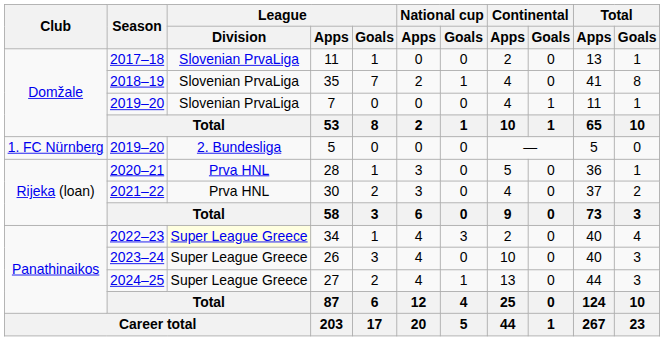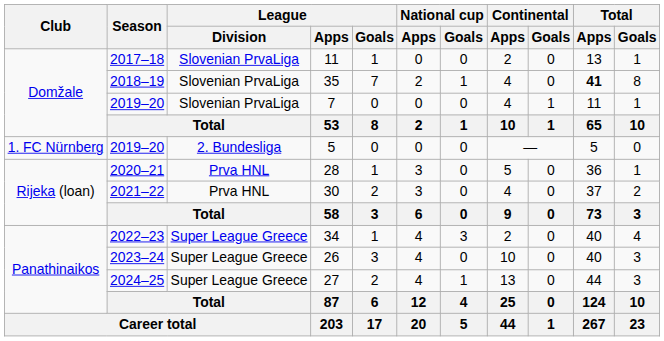 <table class="wikitable" style="text-align:center">
 <tr>
 <th rowspan="2">Club</th>
 <th rowspan="2">Season</th>
 <th colspan="3">League</th>
 <th colspan="2">National cup</th>
 <th colspan="2">Continental</th>
 <th colspan="2">Total</th>
 </tr>
 <tr>
 <th>Division</th>
 <th>Apps</th>
 <th>Goals</th>
 <th>Apps</th>
 <th>Goals</th>
 <th>Apps</th>
 <th>Goals</th>
 <th>Apps</th>
 <th>Goals</th>
 </tr>
 <tr>
 <td rowspan="4"><a href='#'>Domžale</a></td>
 <td><a href='#'>2017–18</a></td>
 <td><a href='#'>Slovenian PrvaLiga</a></td>
 <td>11</td>
 <td>1</td>
 <td>0</td>
 <td>0</td>
 <td>2</td>
 <td>0</td>
 <td>13</td>
 <td>1</td>
 </tr>
 <tr>
 <td><a href='#'>2018–19</a></td>
 <td>Slovenian PrvaLiga</td>
 <td>35</td>
 <td>7</td>
 <td>2</td>
 <td>1</td>
 <td>4</td>
 <td>0</td>
-<td>41</td>
+<td><strong>41</strong></td>
 <td>8</td>
 </tr>
 <tr>
 <td><a href='#'>2019–20</a></td>
 <td>Slovenian PrvaLiga</td>
 <td>7</td>
 <td>0</td>
 <td>0</td>
 <td>0</td>
 <td>4</td>
 <td>1</td>
 <td>11</td>
 <td>1</td>
 </tr>
 <tr>
 <th colspan="2">Total</th>
 <th>53</th>
 <th>8</th>
 <th>2</th>
 <th>1</th>
 <th>10</th>
 <th>1</th>
 <th>65</th>
 <th>10</th>
 </tr>
 <tr>
 <td><a href='#'>1. FC Nürnberg</a></td>
 <td><a href='#'>2019–20</a></td>
 <td><a href='#'>2. Bundesliga</a></td>
 <td>5</td>
 <td>0</td>
 <td>0</td>
 <td>0</td>
 <td colspan="2">—</td>
 <td>5</td>
 <td>0</td>
 </tr>
 <tr>
 <td rowspan="3"><a href='#'>Rijeka</a> (loan)</td>
 <td><a href='#'>2020–21</a></td>
 <td><a href='#'>Prva HNL</a></td>
 <td>28</td>
 <td>1</td>
 <td>3</td>
 <td>0</td>
 <td>5</td>
 <td>0</td>
 <td>36</td>
 <td>1</td>
 </tr>
 <tr>
 <td><a href='#'>2021–22</a></td>
 <td>Prva HNL</td>
 <td>30</td>
 <td>2</td>
 <td>3</td>
 <td>0</td>
 <td>4</td>
 <td>0</td>
 <td>37</td>
 <td>2</td>
 </tr>
 <tr>
 <th colspan="2">Total</th>
 <th>58</th>
 <th>3</th>
 <th>6</th>
 <th>0</th>
 <th>9</th>
 <th>0</th>
 <th>73</th>
 <th>3</th>
 </tr>
 <tr>
 <td rowspan="4"><a href='#'>Panathinaikos</a></td>
 <td><a href='#'>2022–23</a></td>
-<td style="background: lightyellow;"><a href='#'>Super League Greece</a></td>
+<td><a href='#'>Super League Greece</a></td>
 <td>34</td>
 <td>1</td>
 <td>4</td>
 <td>3</td>
 <td>2</td>
 <td>0</td>
 <td>40</td>
 <td>4</td>
 </tr>
 <tr>
 <td><a href='#'>2023–24</a></td>
 <td>Super League Greece</td>
 <td>26</td>
 <td>3</td>
 <td>4</td>
 <td>0</td>
 <td>10</td>
 <td>0</td>
 <td>40</td>
 <td>3</td>
 </tr>
 <tr>
 <td><a href='#'>2024–25</a></td>
 <td>Super League Greece</td>
 <td>27</td>
 <td>2</td>
 <td>4</td>
 <td>1</td>
 <td>13</td>
 <td>0</td>
 <td>44</td>
 <td>3</td>
 </tr>
 <tr>
 <th colspan="2">Total</th>
 <th>87</th>
 <th>6</th>
 <th>12</th>
 <th>4</th>
 <th>25</th>
 <th>0</th>
 <th>124</th>
 <th>10</th>
 </tr>
 <tr>
 <th colspan="3">Career total</th>
 <th>203</th>
 <th>17</th>
 <th>20</th>
 <th>5</th>
 <th>44</th>
 <th>1</th>
 <th>267</th>
 <th>23</th>
 </tr>
 </table>
